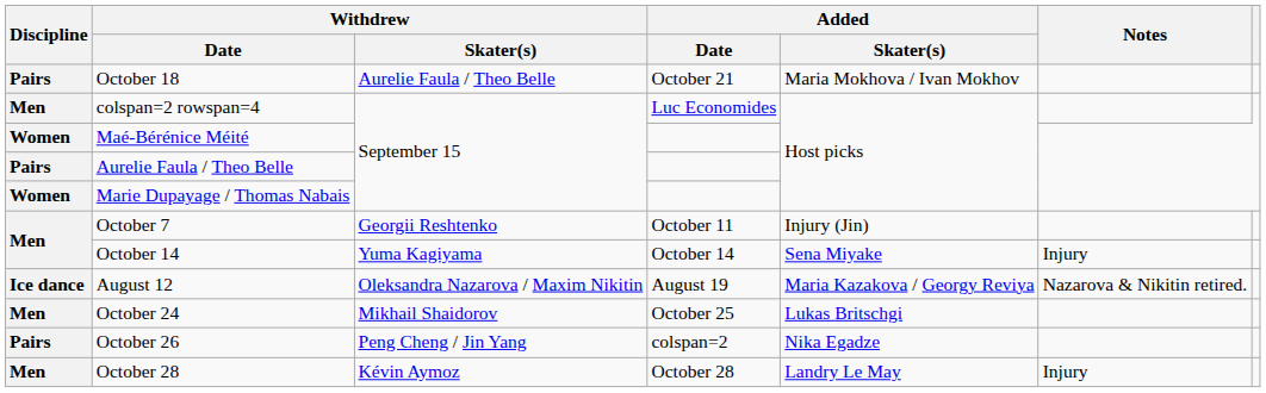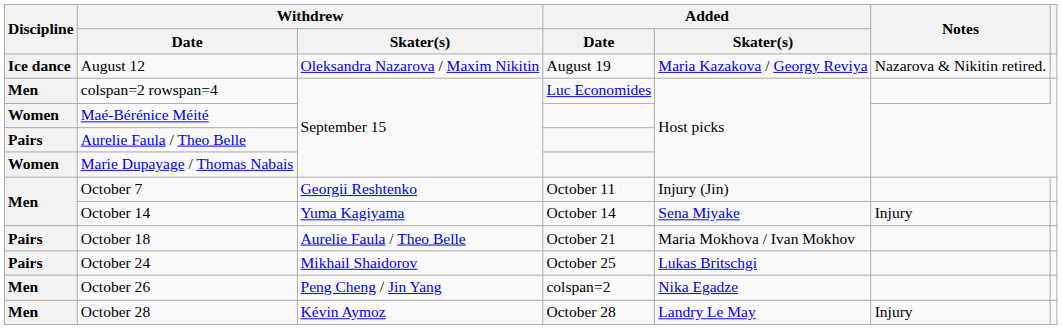 <table class="wikitable unsortable">
 <tr>
 <th scope="col" rowspan=2>Discipline</th>
 <th scope="col" colspan=2>Withdrew</th>
 <th scope="col" colspan=2>Added</th>
 <th scope="col" rowspan=2>Notes</th>
 <th scope="col" rowspan=2></th>
 </tr>
 <tr>
 <th>Date</th>
 <th>Skater(s)</th>
 <th>Date</th>
 <th>Skater(s)</th>
 </tr>
 <tr>
-<th scope="row" style="text-align:left">Pairs</th>
-<td>October 18</td>
-<td> <a href='#'>Aurelie Faula</a> / <a href='#'>Theo Belle</a></td>
-<td>October 21</td>
-<td> Maria Mokhova / Ivan Mokhov</td>
-<td></td>
+<th scope="row" style="text-align:left">Ice dance</th>
+<td>August 12</td>
+<td> <a href='#'>Oleksandra Nazarova</a> / <a href='#'>Maxim Nikitin</a></td>
+<td>August 19</td>
+<td> <a href='#'>Maria Kazakova</a> / <a href='#'>Georgy Reviya</a></td>
+<td>Nazarova & Nikitin retired.</td>
 <td></td>
 </tr>
 <tr>
 <th scope="row" style="text-align:left">Men</th>
 <td>colspan=2 rowspan=4 </td>
 <td rowspan=4>September 15</td>
 <td> <a href='#'>Luc Economides</a></td>
 <td rowspan=4>Host picks</td>
 <td></td>
 </tr>
 <tr>
 <th scope="row" style="text-align:left">Women</th>
 <td> <a href='#'>Maé-Bérénice Méité</a></td>
 <td></td>
 </tr>
 <tr>
 <th scope="row" style="text-align:left">Pairs</th>
 <td> <a href='#'>Aurelie Faula</a> / <a href='#'>Theo Belle</a></td>
 <td></td>
 </tr>
 <tr>
 <th scope="row" style="text-align:left">Women</th>
 <td> <a href='#'>Marie Dupayage</a> / <a href='#'>Thomas Nabais</a></td>
 <td></td>
 </tr>
 <tr>
 <th rowspan="2" scope="row" style="text-align:left">Men</th>
 <td>October 7</td>
 <td> <a href='#'>Georgii Reshtenko</a></td>
 <td>October 11</td>
 <td>Injury (Jin)</td>
 <td></td>
 <td></td>
 </tr>
 <tr>
 <td>October 14</td>
 <td> <a href='#'>Yuma Kagiyama</a></td>
 <td>October 14</td>
 <td> <a href='#'>Sena Miyake</a></td>
 <td>Injury</td>
 <td></td>
 </tr>
 <tr>
-<th scope="row" style="text-align:left">Ice dance</th>
-<td>August 12</td>
-<td> <a href='#'>Oleksandra Nazarova</a> / <a href='#'>Maxim Nikitin</a></td>
-<td>August 19</td>
-<td> <a href='#'>Maria Kazakova</a> / <a href='#'>Georgy Reviya</a></td>
-<td>Nazarova & Nikitin retired.</td>
+<th scope="row" style="text-align:left">Pairs</th>
+<td>October 18</td>
+<td> <a href='#'>Aurelie Faula</a> / <a href='#'>Theo Belle</a></td>
+<td>October 21</td>
+<td> Maria Mokhova / Ivan Mokhov</td>
+<td></td>
 <td></td>
 </tr>
 <tr>
-<th scope="row" style="text-align:left">Men</th>
+<th scope="row" style="text-align:left">Pairs</th>
 <td>October 24</td>
 <td> <a href='#'>Mikhail Shaidorov</a></td>
 <td>October 25</td>
 <td> <a href='#'>Lukas Britschgi</a></td>
 <td></td>
 <td></td>
 </tr>
 <tr>
-<th scope="row" style="text-align:left">Pairs</th>
+<th scope="row" style="text-align:left">Men</th>
 <td>October 26</td>
 <td> <a href='#'>Peng Cheng</a> / <a href='#'>Jin Yang</a></td>
 <td>colspan=2 </td>
 <td> <a href='#'>Nika Egadze</a></td>
 <td></td>
 </tr>
 <tr>
 <th scope="row" style="text-align:left">Men</th>
 <td>October 28</td>
 <td> <a href='#'>Kévin Aymoz</a></td>
 <td>October 28</td>
 <td> <a href='#'>Landry Le May</a></td>
 <td>Injury</td>
 <td></td>
 </tr>
 </table>
